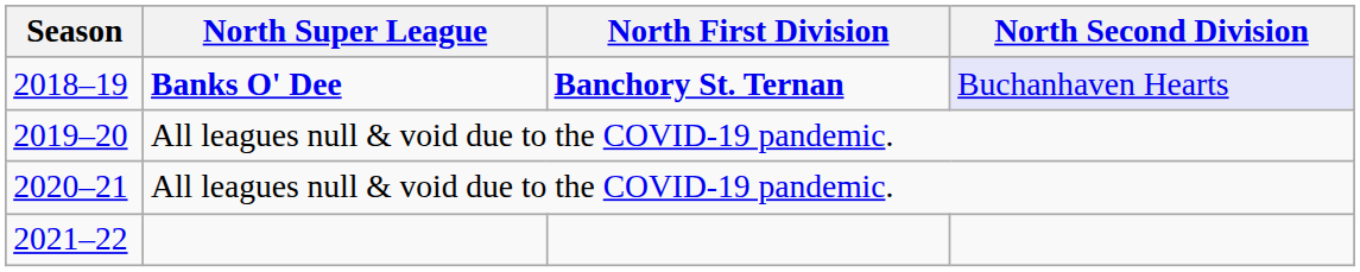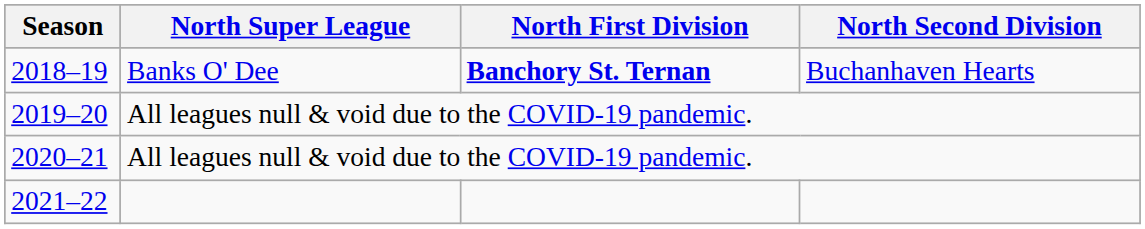 <table class="wikitable">
 <tr>
 <th width=60>Season</th>
 <th width=190><a href='#'>North Super League</a></th>
 <th width=190><a href='#'>North First Division</a></th>
 <th width=190><a href='#'>North Second Division</a></th>
 </tr>
 <tr>
 <td style="text-align:left;"><a href='#'>2018–19</a></td>
-<td><strong><a href='#'>Banks O' Dee</a></strong></td>
+<td><a href='#'>Banks O' Dee</a></td>
 <td><strong><a href='#'>Banchory St. Ternan</a></strong></td>
-<td style="background: lavender;"><a href='#'>Buchanhaven Hearts</a></td>
+<td><a href='#'>Buchanhaven Hearts</a></td>
 </tr>
 <tr>
 <td style="text-align:left;"><a href='#'>2019–20</a></td>
 <td colspan="3">All leagues null & void due to the <a href='#'>COVID-19 pandemic</a>.</td>
 </tr>
 <tr>
 <td style="text-align:left;"><a href='#'>2020–21</a></td>
 <td colspan="3">All leagues null & void due to the <a href='#'>COVID-19 pandemic</a>.</td>
 </tr>
 <tr>
 <td><a href='#'>2021–22</a></td>
 <td></td>
 <td></td>
 <td></td>
 </tr>
 </table>
